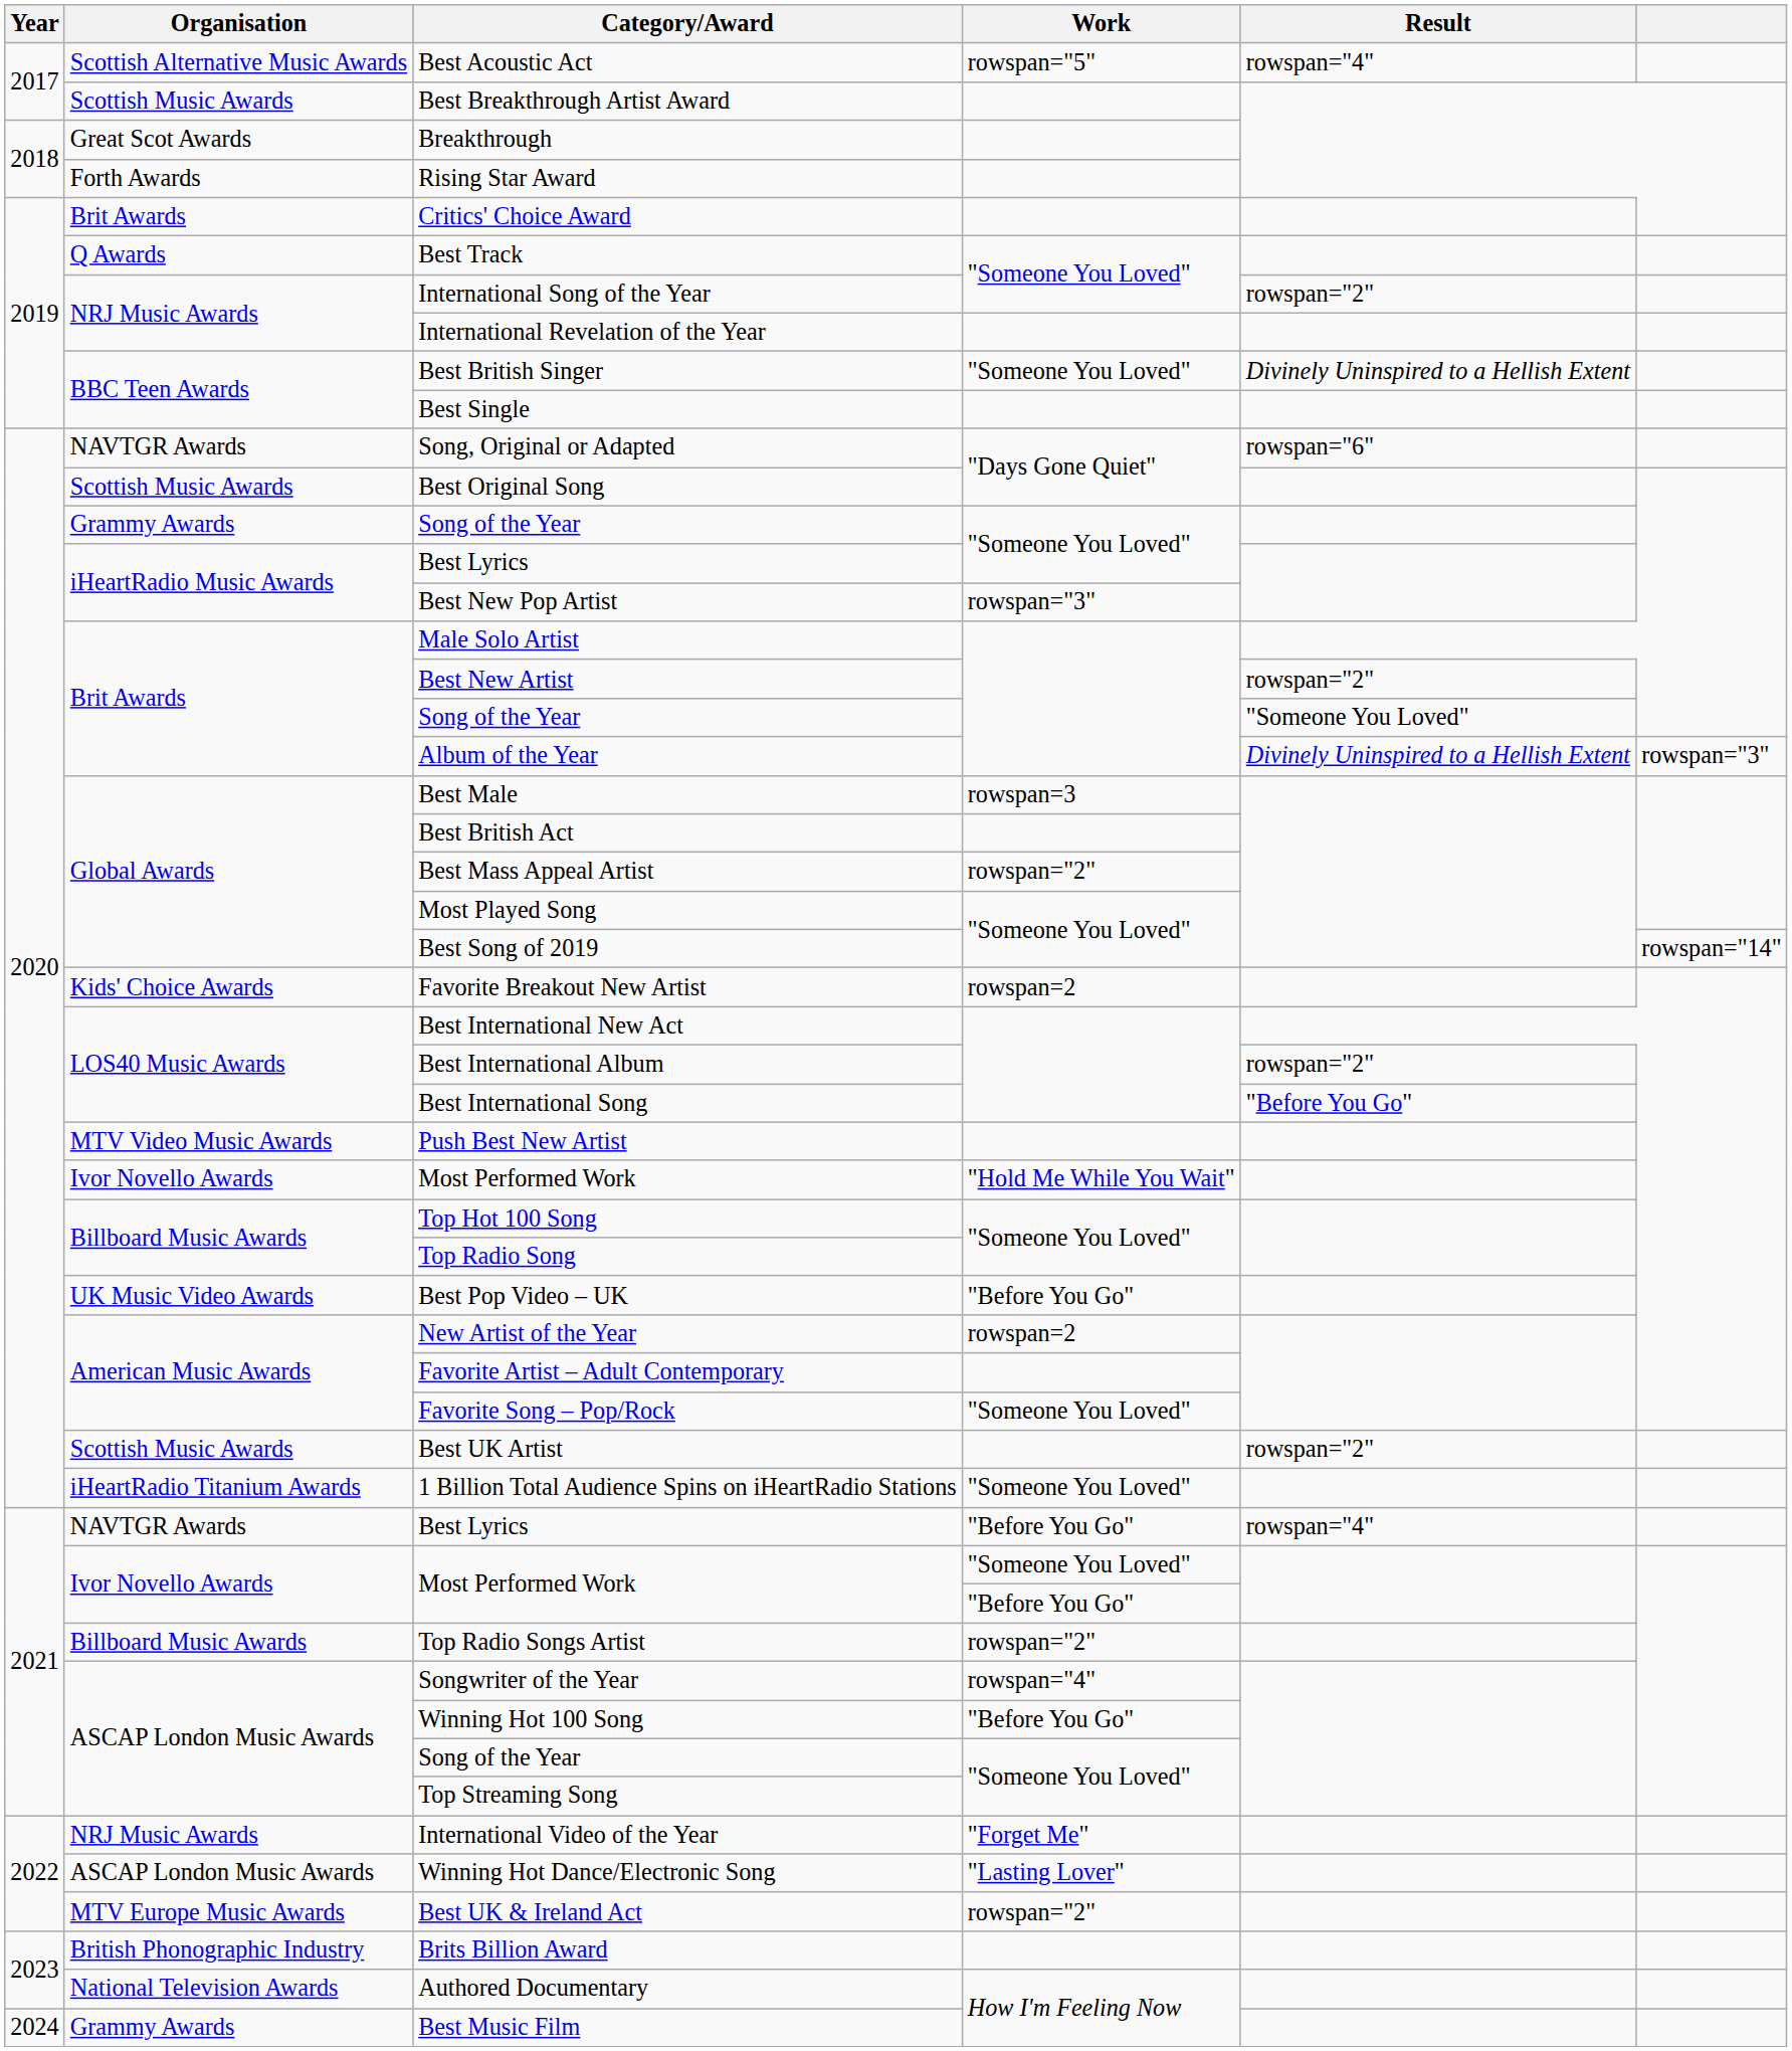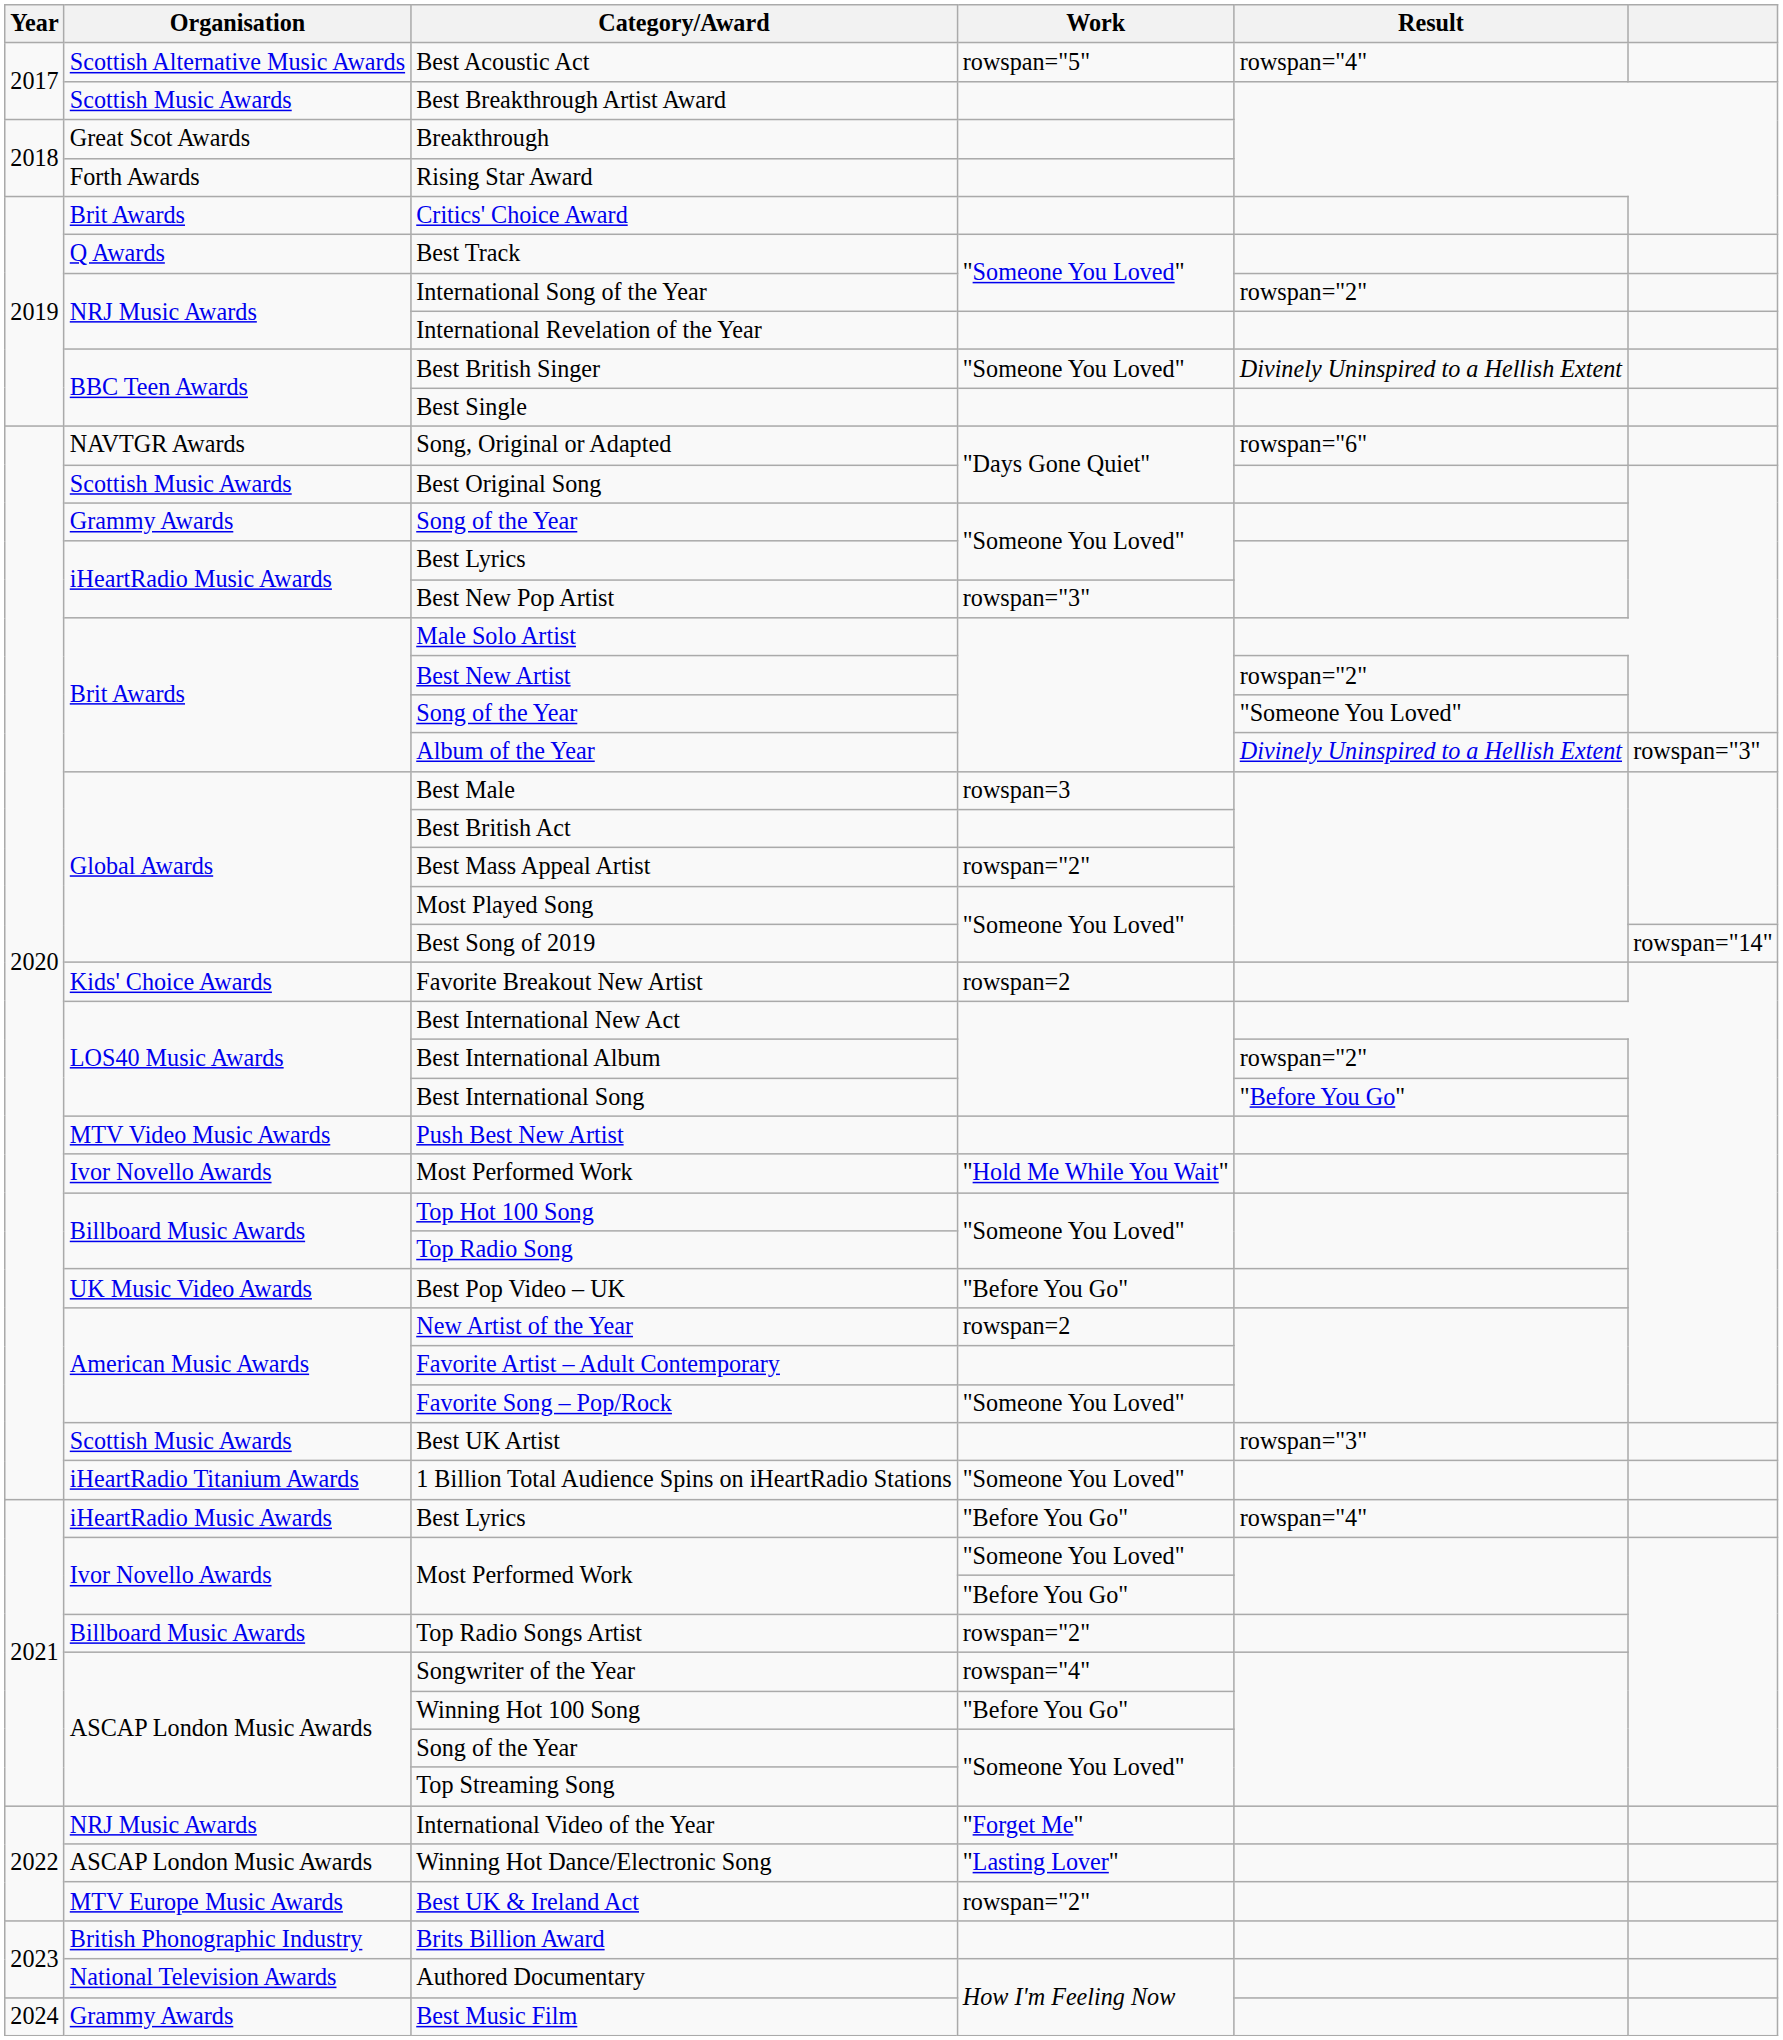 <table class="wikitable sortable">
 <tr>
 <th scope="col">Year</th>
 <th scope="col">Organisation</th>
 <th scope="col">Category/Award</th>
 <th scope="col">Work</th>
 <th scope="col">Result</th>
 <th scope="col" class="unsortable"></th>
 </tr>
 <tr>
 <td rowspan="2">2017</td>
 <td><a href='#'>Scottish Alternative Music Awards</a></td>
 <td>Best Acoustic Act</td>
 <td>rowspan="5" </td>
 <td>rowspan="4" </td>
 <td></td>
 </tr>
 <tr>
 <td><a href='#'>Scottish Music Awards</a></td>
 <td>Best Breakthrough Artist Award</td>
 <td></td>
 </tr>
 <tr>
 <td rowspan="2">2018</td>
 <td>Great Scot Awards</td>
 <td>Breakthrough</td>
 <td></td>
 </tr>
 <tr>
 <td>Forth Awards</td>
 <td>Rising Star Award</td>
 <td></td>
 </tr>
 <tr>
 <td rowspan="6">2019</td>
 <td><a href='#'>Brit Awards</a></td>
 <td><a href='#'>Critics' Choice Award</a></td>
 <td></td>
 <td></td>
 </tr>
 <tr>
 <td><a href='#'>Q Awards</a></td>
 <td>Best Track</td>
 <td rowspan="2">"<a href='#'>Someone You Loved</a>"</td>
 <td></td>
 <td></td>
 </tr>
 <tr>
 <td rowspan="2"><a href='#'>NRJ Music Awards</a></td>
 <td>International Song of the Year</td>
 <td>rowspan="2" </td>
 <td></td>
 </tr>
 <tr>
 <td>International Revelation of the Year</td>
 <td></td>
 <td></td>
 </tr>
 <tr>
 <td rowspan="2"><a href='#'>BBC Teen Awards</a></td>
 <td>Best British Singer</td>
 <td>"Someone You Loved"</td>
 <td><em>Divinely Uninspired to a Hellish Extent</em></td>
 <td></td>
 </tr>
 <tr>
 <td>Best Single</td>
 <td></td>
 <td></td>
 </tr>
 <tr>
 <td rowspan="29">2020</td>
 <td>NAVTGR Awards</td>
 <td>Song, Original or Adapted</td>
 <td rowspan=2>"Days Gone Quiet"</td>
 <td>rowspan="6" </td>
 <td></td>
 </tr>
 <tr>
 <td><a href='#'>Scottish Music Awards</a></td>
 <td>Best Original Song</td>
 <td></td>
 </tr>
 <tr>
 <td><a href='#'>Grammy Awards</a></td>
 <td><a href='#'>Song of the Year</a></td>
 <td rowspan=2>"Someone You Loved"</td>
 <td></td>
 </tr>
 <tr>
 <td rowspan=2><a href='#'>iHeartRadio Music Awards</a></td>
 <td>Best Lyrics</td>
 <td rowspan=2></td>
 </tr>
 <tr>
 <td>Best New Pop Artist</td>
 <td>rowspan="3" </td>
 </tr>
 <tr>
 <td rowspan=4><a href='#'>Brit Awards</a></td>
 <td><a href='#'>Male Solo Artist</a></td>
 <td rowspan=4></td>
 </tr>
 <tr>
 <td><a href='#'>Best New Artist</a></td>
 <td>rowspan="2" </td>
 </tr>
 <tr>
 <td><a href='#'>Song of the Year</a></td>
 <td>"Someone You Loved"</td>
 </tr>
 <tr>
 <td><a href='#'>Album of the Year</a></td>
 <td><em><a href='#'>Divinely Uninspired to a Hellish Extent</a></em></td>
 <td>rowspan="3" </td>
 </tr>
 <tr>
 <td rowspan=5><a href='#'>Global Awards</a></td>
 <td>Best Male</td>
 <td>rowspan=3 </td>
 <td rowspan=5></td>
 </tr>
 <tr>
 <td>Best British Act</td>
 </tr>
 <tr>
 <td>Best Mass Appeal Artist</td>
 <td>rowspan="2" </td>
 </tr>
 <tr>
 <td>Most Played Song</td>
 <td rowspan=2>"Someone You Loved"</td>
 </tr>
 <tr>
 <td>Best Song of 2019</td>
 <td>rowspan="14"</td>
 </tr>
 <tr>
 <td><a href='#'>Kids' Choice Awards</a></td>
 <td>Favorite Breakout New Artist</td>
 <td>rowspan=2 </td>
 <td></td>
 </tr>
 <tr>
 <td rowspan=3><a href='#'>LOS40 Music Awards</a></td>
 <td>Best International New Act</td>
 <td rowspan=3></td>
 </tr>
 <tr>
 <td>Best International Album</td>
 <td>rowspan="2" </td>
 </tr>
 <tr>
 <td>Best International Song</td>
 <td>"<a href='#'>Before You Go</a>"</td>
 </tr>
 <tr>
 <td><a href='#'>MTV Video Music Awards</a></td>
 <td><a href='#'>Push Best New Artist</a></td>
 <td></td>
 <td></td>
 </tr>
 <tr>
 <td rowspan="2"><a href='#'>Ivor Novello Awards</a></td>
 <td rowspan="2">Most Performed Work</td>
 <td>"<a href='#'>Hold Me While You Wait</a>"</td>
 <td rowspan="2"></td>
 </tr>
 <tr>
 <td rowspan="3">"Someone You Loved"</td>
 </tr>
 <tr>
 <td rowspan="2"><a href='#'>Billboard Music Awards</a></td>
 <td><a href='#'>Top Hot 100 Song</a></td>
 <td rowspan=2></td>
 </tr>
 <tr>
 <td><a href='#'>Top Radio Song</a></td>
 </tr>
 <tr>
 <td><a href='#'>UK Music Video Awards</a></td>
 <td>Best Pop Video – UK</td>
 <td>"Before You Go"</td>
 <td></td>
 </tr>
 <tr>
 <td rowspan="3"><a href='#'>American Music Awards</a></td>
 <td><a href='#'>New Artist of the Year</a></td>
 <td>rowspan=2 </td>
 <td rowspan="3"></td>
 </tr>
 <tr>
 <td><a href='#'>Favorite Artist – Adult Contemporary</a></td>
 </tr>
 <tr>
 <td><a href='#'>Favorite Song – Pop/Rock</a></td>
 <td>"Someone You Loved"</td>
 </tr>
 <tr>
 <td><a href='#'>Scottish Music Awards</a></td>
 <td>Best UK Artist</td>
 <td></td>
-<td>rowspan="2" </td>
+<td>rowspan="3"</td>
 <td></td>
 </tr>
 <tr>
 <td rowspan="2"><a href='#'>iHeartRadio Titanium Awards</a></td>
 <td rowspan="2">1 Billion Total Audience Spins on iHeartRadio Stations</td>
 <td>"Someone You Loved"</td>
 <td rowspan="2"></td>
 </tr>
 <tr>
 <td rowspan="9">2021</td>
 <td rowspan="2">"Before You Go"</td>
 </tr>
 <tr>
-<td>NAVTGR Awards</td>
+<td><a href='#'>iHeartRadio Music Awards</a></td>
 <td>Best Lyrics</td>
 <td>rowspan="4"</td>
 <td></td>
 </tr>
 <tr>
 <td rowspan="2"><a href='#'>Ivor Novello Awards</a></td>
 <td rowspan="2">Most Performed Work</td>
 <td>"Someone You Loved"</td>
 <td rowspan="2"></td>
 </tr>
 <tr>
 <td>"Before You Go"</td>
 </tr>
 <tr>
 <td><a href='#'>Billboard Music Awards</a></td>
 <td>Top Radio Songs Artist</td>
 <td>rowspan="2" </td>
 <td></td>
 </tr>
 <tr>
 <td rowspan="4">ASCAP London Music Awards</td>
 <td>Songwriter of the Year</td>
 <td>rowspan="4"</td>
 <td rowspan="4"></td>
 </tr>
 <tr>
 <td>Winning Hot 100 Song</td>
 <td>"Before You Go"</td>
 </tr>
 <tr>
 <td>Song of the Year</td>
 <td rowspan="2">"Someone You Loved"</td>
 </tr>
 <tr>
 <td>Top Streaming Song</td>
 </tr>
 <tr>
 <td rowspan="3">2022</td>
 <td><a href='#'>NRJ Music Awards</a></td>
 <td>International Video of the Year</td>
 <td>"<a href='#'>Forget Me</a>"</td>
 <td></td>
 <td></td>
 </tr>
 <tr>
 <td>ASCAP London Music Awards</td>
 <td>Winning Hot Dance/Electronic Song</td>
 <td>"<a href='#'>Lasting Lover</a>"</td>
 <td></td>
 <td></td>
 </tr>
 <tr>
 <td><a href='#'>MTV Europe Music Awards</a></td>
 <td><a href='#'>Best UK & Ireland Act</a></td>
 <td>rowspan="2" </td>
 <td></td>
 <td></td>
 </tr>
 <tr>
 <td rowspan="2">2023</td>
 <td><a href='#'>British Phonographic Industry</a></td>
 <td><a href='#'>Brits Billion Award</a></td>
 <td></td>
 <td></td>
 </tr>
 <tr>
 <td><a href='#'>National Television Awards</a></td>
 <td>Authored Documentary</td>
 <td rowspan="2"><em>How I'm Feeling Now</em></td>
 <td></td>
 <td></td>
 </tr>
 <tr>
 <td rowspan="2">2024</td>
 <td><a href='#'>Grammy Awards</a></td>
 <td><a href='#'>Best Music Film</a></td>
 <td></td>
 <td></td>
 </tr>
 </table>
